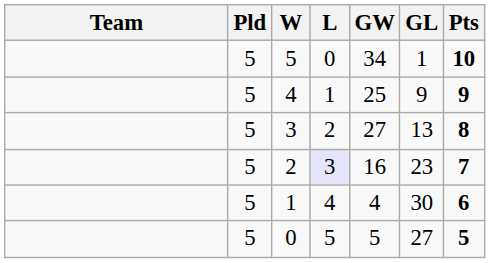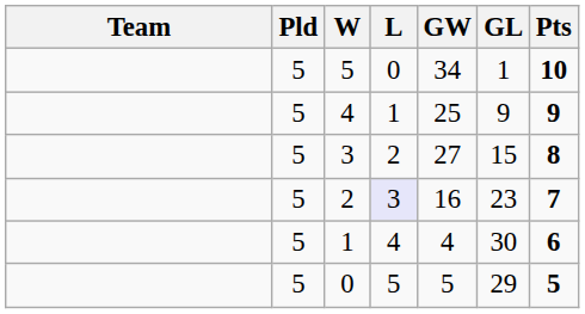 <table class="wikitable" style="text-align:center">
 <tr>
 <th width=150>Team</th>
 <th width=20>Pld</th>
 <th width=20>W</th>
 <th width=20>L</th>
 <th width=20>GW</th>
 <th width=20>GL</th>
 <th width=20>Pts</th>
 </tr>
 <tr>
 <td style="text-align:left;"></td>
 <td>5</td>
 <td>5</td>
 <td>0</td>
 <td>34</td>
 <td>1</td>
 <td><strong>10</strong></td>
 </tr>
 <tr>
 <td style="text-align:left;"></td>
 <td>5</td>
 <td>4</td>
 <td>1</td>
 <td>25</td>
 <td>9</td>
 <td><strong>9</strong></td>
 </tr>
 <tr>
 <td style="text-align:left;"></td>
 <td>5</td>
 <td>3</td>
 <td>2</td>
 <td>27</td>
-<td>13</td>
+<td>15</td>
 <td><strong>8</strong></td>
 </tr>
 <tr>
 <td style="text-align:left;"></td>
 <td>5</td>
 <td>2</td>
 <td style="background: lavender;">3</td>
 <td>16</td>
 <td>23</td>
 <td><strong>7</strong></td>
 </tr>
 <tr>
 <td style="text-align:left;"></td>
 <td>5</td>
 <td>1</td>
 <td>4</td>
 <td>4</td>
 <td>30</td>
 <td><strong>6</strong></td>
 </tr>
 <tr>
 <td style="text-align:left;"></td>
 <td>5</td>
 <td>0</td>
 <td>5</td>
 <td>5</td>
-<td>27</td>
+<td>29</td>
 <td><strong>5</strong></td>
 </tr>
 </table>
